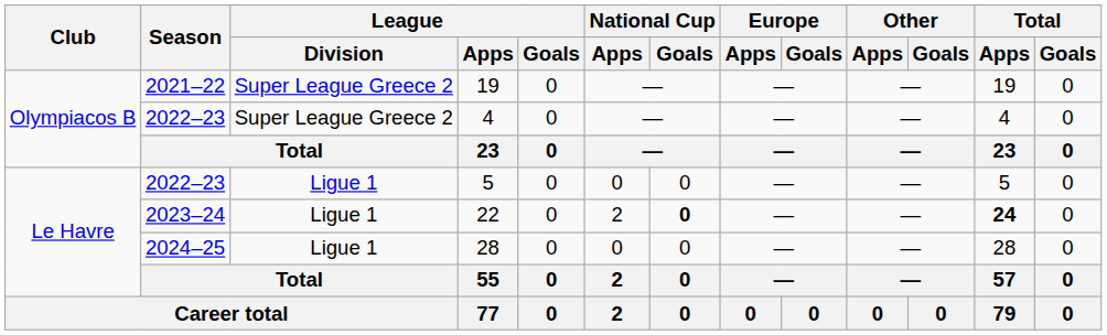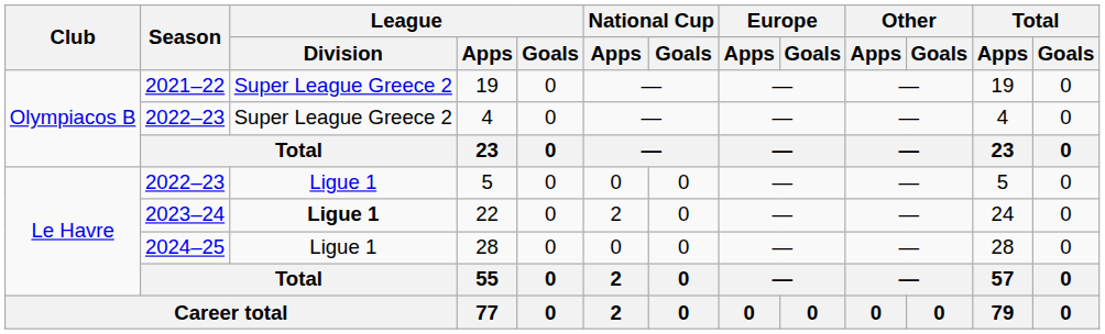 <table class="wikitable" style="text-align:center">
 <tr>
 <th rowspan="2">Club</th>
 <th rowspan="2">Season</th>
 <th colspan="3">League</th>
 <th colspan="2">National Cup</th>
 <th colspan="2">Europe</th>
 <th colspan="2">Other</th>
 <th colspan="2">Total</th>
 </tr>
 <tr>
 <th>Division</th>
 <th>Apps</th>
 <th>Goals</th>
 <th>Apps</th>
 <th>Goals</th>
 <th>Apps</th>
 <th>Goals</th>
 <th>Apps</th>
 <th>Goals</th>
 <th>Apps</th>
 <th>Goals</th>
 </tr>
 <tr>
 <td rowspan="3"><a href='#'>Olympiacos B</a></td>
 <td><a href='#'>2021–22</a></td>
 <td><a href='#'>Super League Greece 2</a></td>
 <td>19</td>
 <td>0</td>
 <td colspan="2">—</td>
 <td colspan="2">—</td>
 <td colspan="2">—</td>
 <td>19</td>
 <td>0</td>
 </tr>
 <tr>
 <td><a href='#'>2022–23</a></td>
 <td>Super League Greece 2</td>
 <td>4</td>
 <td>0</td>
 <td colspan="2">—</td>
 <td colspan="2">—</td>
 <td colspan="2">—</td>
 <td>4</td>
 <td>0</td>
 </tr>
 <tr>
 <th colspan="2">Total</th>
 <th>23</th>
 <th>0</th>
 <th colspan="2">—</th>
 <th colspan="2">—</th>
 <th colspan="2">—</th>
 <th>23</th>
 <th>0</th>
 </tr>
 <tr>
 <td rowspan="4"><a href='#'>Le Havre</a></td>
 <td><a href='#'>2022–23</a></td>
 <td><a href='#'>Ligue 1</a></td>
 <td>5</td>
 <td>0</td>
 <td>0</td>
 <td>0</td>
 <td colspan="2">—</td>
 <td colspan="2">—</td>
 <td>5</td>
 <td>0</td>
 </tr>
 <tr>
 <td><a href='#'>2023–24</a></td>
-<td>Ligue 1</td>
+<td><strong>Ligue 1</strong></td>
 <td>22</td>
 <td>0</td>
 <td>2</td>
-<td><strong>0</strong></td>
+<td>0</td>
 <td colspan="2">—</td>
 <td colspan="2">—</td>
-<td><strong>24</strong></td>
+<td>24</td>
 <td>0</td>
 </tr>
 <tr>
 <td><a href='#'>2024–25</a></td>
 <td>Ligue 1</td>
 <td>28</td>
 <td>0</td>
 <td>0</td>
 <td>0</td>
 <td colspan="2">—</td>
 <td colspan="2">—</td>
 <td>28</td>
 <td>0</td>
 </tr>
 <tr>
 <th colspan="2">Total</th>
 <th>55</th>
 <th>0</th>
 <th>2</th>
 <th>0</th>
 <th colspan="2">—</th>
 <th colspan="2">—</th>
 <th>57</th>
 <th>0</th>
 </tr>
 <tr>
 <th colspan="3">Career total</th>
 <th>77</th>
 <th>0</th>
 <th>2</th>
 <th>0</th>
 <th>0</th>
 <th>0</th>
 <th>0</th>
 <th>0</th>
 <th>79</th>
 <th>0</th>
 </tr>
 </table>
